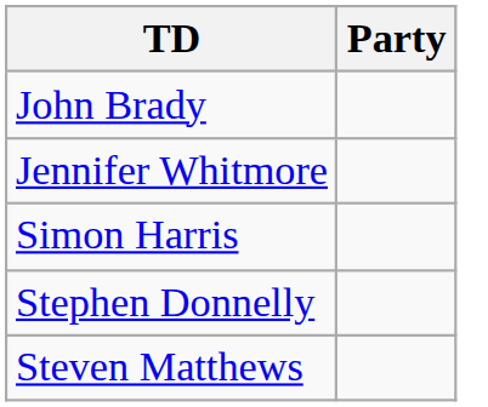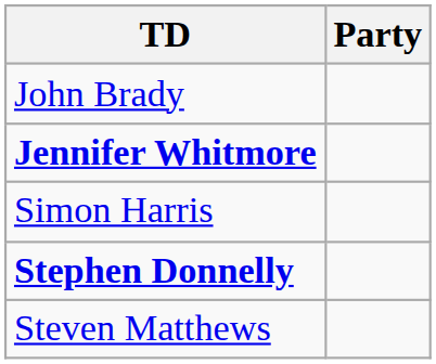 <table class=wikitable>
 <tr>
 <th>TD</th>
 <th colspan="2">Party</th>
 </tr>
 <tr>
 <td><a href='#'>John Brady</a></td>
 <td></td>
 </tr>
 <tr>
-<td><a href='#'>Jennifer Whitmore</a></td>
+<td><strong><a href='#'>Jennifer Whitmore</a></strong></td>
 <td></td>
 </tr>
 <tr>
 <td><a href='#'>Simon Harris</a></td>
 <td></td>
 </tr>
 <tr>
-<td><a href='#'>Stephen Donnelly</a></td>
+<td><strong><a href='#'>Stephen Donnelly</a></strong></td>
 <td></td>
 </tr>
 <tr>
 <td><a href='#'>Steven Matthews</a></td>
 <td></td>
 </tr>
 </table>
